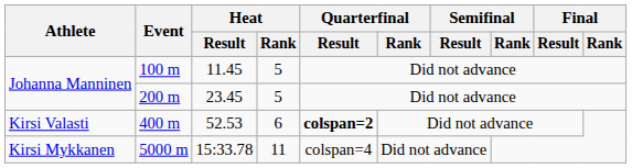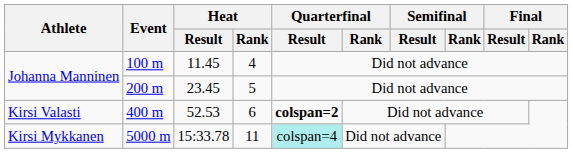 <table class=wikitable style="font-size:90%">
 <tr>
 <th rowspan="2">Athlete</th>
 <th rowspan="2">Event</th>
 <th colspan="2">Heat</th>
 <th colspan="2">Quarterfinal</th>
 <th colspan="2">Semifinal</th>
 <th colspan="2">Final</th>
 </tr>
 <tr style="font-size:95%">
 <th>Result</th>
 <th>Rank</th>
 <th>Result</th>
 <th>Rank</th>
 <th>Result</th>
 <th>Rank</th>
 <th>Result</th>
 <th>Rank</th>
 </tr>
 <tr align=center>
 <td align=left rowspan=2><a href='#'>Johanna Manninen</a></td>
 <td align=left><a href='#'>100 m</a></td>
 <td>11.45</td>
-<td>5</td>
+<td>4</td>
 <td colspan=6>Did not advance</td>
 </tr>
 <tr align=center>
 <td align=left><a href='#'>200 m</a></td>
 <td>23.45</td>
 <td>5</td>
 <td colspan=6>Did not advance</td>
 </tr>
 <tr align=center>
 <td align=left><a href='#'>Kirsi Valasti</a></td>
 <td align=left><a href='#'>400 m</a></td>
 <td>52.53</td>
 <td>6</td>
 <td><strong>colspan=2 </strong></td>
 <td colspan=4>Did not advance</td>
 </tr>
 <tr align=center>
 <td align=left><a href='#'>Kirsi Mykkanen</a></td>
 <td align=left><a href='#'>5000 m</a></td>
 <td>15:33.78</td>
 <td>11</td>
-<td>colspan=4 </td>
+<td style="background: paleturquoise;">colspan=4 </td>
 <td colspan=2>Did not advance</td>
 </tr>
 </table>
